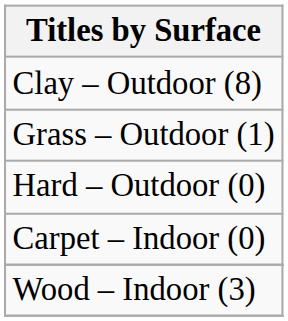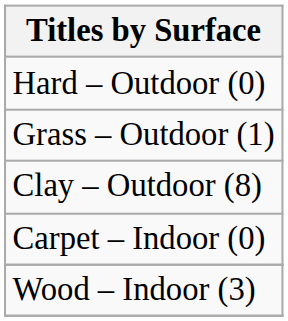 <table class="wikitable" style="display:inline-table;">
 <tr>
 <th>Titles by Surface</th>
 </tr>
 <tr>
-<td>Clay – Outdoor (8)</td>
+<td>Hard – Outdoor (0)</td>
 </tr>
 <tr>
 <td>Grass – Outdoor (1)</td>
 </tr>
 <tr>
-<td>Hard – Outdoor (0)</td>
+<td>Clay – Outdoor (8)</td>
 </tr>
 <tr>
 <td>Carpet – Indoor (0)</td>
 </tr>
 <tr>
 </tr>
 <tr>
 <td>Wood – Indoor (3)</td>
 </tr>
 <tr>
 </tr>
 </table>
